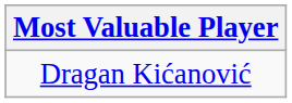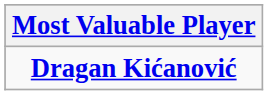 <table class=wikitable style="text-align:center; margin:auto">
 <tr>
 <th><a href='#'>Most Valuable Player</a></th>
 </tr>
 <tr>
-<td> <a href='#'>Dragan Kićanović</a></td>
+<td><strong> <a href='#'>Dragan Kićanović</a></strong></td>
 </tr>
 </table>
